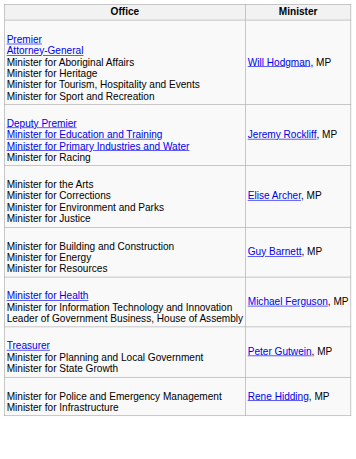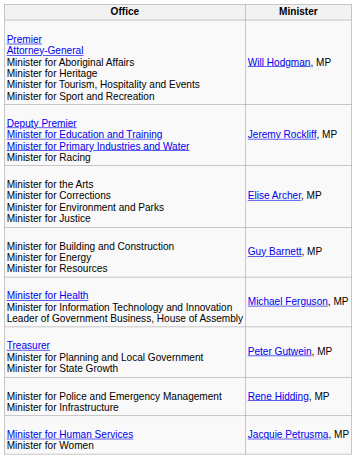 <table class="wikitable">
 <tr>
 <th>Office</th>
 <th>Minister</th>
 </tr>
 <tr>
 <td><br><a href='#'>Premier</a><br> <a href='#'>Attorney-General</a><br> Minister for Aboriginal Affairs<br> Minister for Heritage<br> Minister for Tourism, Hospitality and Events<br> Minister for Sport and Recreation</td>
 <td><a href='#'>Will Hodgman</a>, MP</td>
 </tr>
 <tr>
 <td><br><a href='#'>Deputy Premier</a><br> <a href='#'>Minister for Education and Training</a><br> <a href='#'>Minister for Primary Industries and Water</a><br> Minister for Racing<br></td>
 <td><a href='#'>Jeremy Rockliff</a>, MP</td>
 </tr>
 <tr>
 <td><br>Minister for the Arts<br> Minister for Corrections<br> Minister for Environment and Parks<br> Minister for Justice</td>
 <td><a href='#'>Elise Archer</a>, MP</td>
 </tr>
 <tr>
 <td><br>Minister for Building and Construction<br> Minister for Energy<br> Minister for Resources</td>
 <td><a href='#'>Guy Barnett</a>, MP</td>
 </tr>
 <tr>
 <td><br><a href='#'>Minister for Health</a><br> Minister for Information Technology and Innovation<br> Leader of Government Business, House of Assembly<br></td>
 <td><a href='#'>Michael Ferguson</a>, MP</td>
 </tr>
 <tr>
 <td><br><a href='#'>Treasurer</a><br> Minister for Planning and Local Government<br> Minister for State Growth</td>
 <td><a href='#'>Peter Gutwein</a>, MP</td>
 </tr>
 <tr>
 <td><br>Minister for Police and Emergency Management<br> Minister for Infrastructure</td>
 <td><a href='#'>Rene Hidding</a>, MP</td>
 </tr>
+<tr>
+<td><br><a href='#'>Minister for Human Services</a><br> Minister for Women</td>
+<td><a href='#'>Jacquie Petrusma</a>, MP</td>
+</tr>
 </table>
